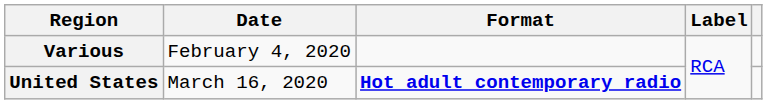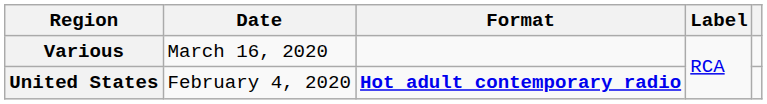 <table class="wikitable sortable plainrowheaders">
 <tr>
 <th scope="col">Region</th>
 <th scope="col">Date</th>
 <th scope="col">Format</th>
 <th scope="col">Label</th>
 <th scope="col" class="unsortable"></th>
 </tr>
 <tr>
 <th scope="row">Various</th>
-<td>February 4, 2020</td>
+<td>March 16, 2020</td>
 <td></td>
 <td rowspan="2"><a href='#'>RCA</a></td>
 <td style="text-align:center"></td>
 </tr>
 <tr>
 <th scope="row">United States</th>
-<td>March 16, 2020</td>
+<td>February 4, 2020</td>
 <td><strong><a href='#'>Hot adult contemporary radio</a></strong></td>
 <td style="text-align:center"></td>
 </tr>
 </table>
